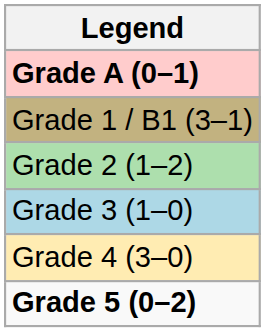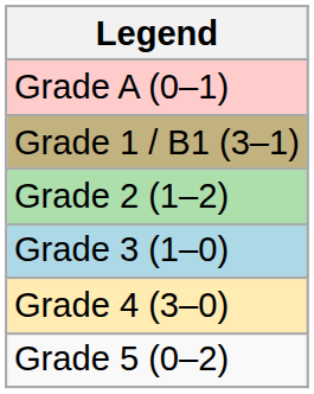 <table class="wikitable" style="font-size:85%;">
 <tr>
 <th>Legend</th>
 </tr>
 <tr bgcolor=ffcccc>
-<td><strong>Grade A (0–1)</strong></td>
+<td>Grade A (0–1)</td>
 </tr>
 <tr bgcolor="C2B280">
 <td>Grade 1 / B1 (3–1)</td>
 </tr>
 <tr bgcolor="ADDFAD">
 <td>Grade 2 (1–2)</td>
 </tr>
 <tr bgcolor="lightblue">
 <td>Grade 3 (1–0)</td>
 </tr>
 <tr bgcolor="ffecb2">
 <td>Grade 4 (3–0)</td>
 </tr>
 <tr>
-<td><strong>Grade 5 (0–2)</strong></td>
+<td>Grade 5 (0–2)</td>
 </tr>
 </table>
